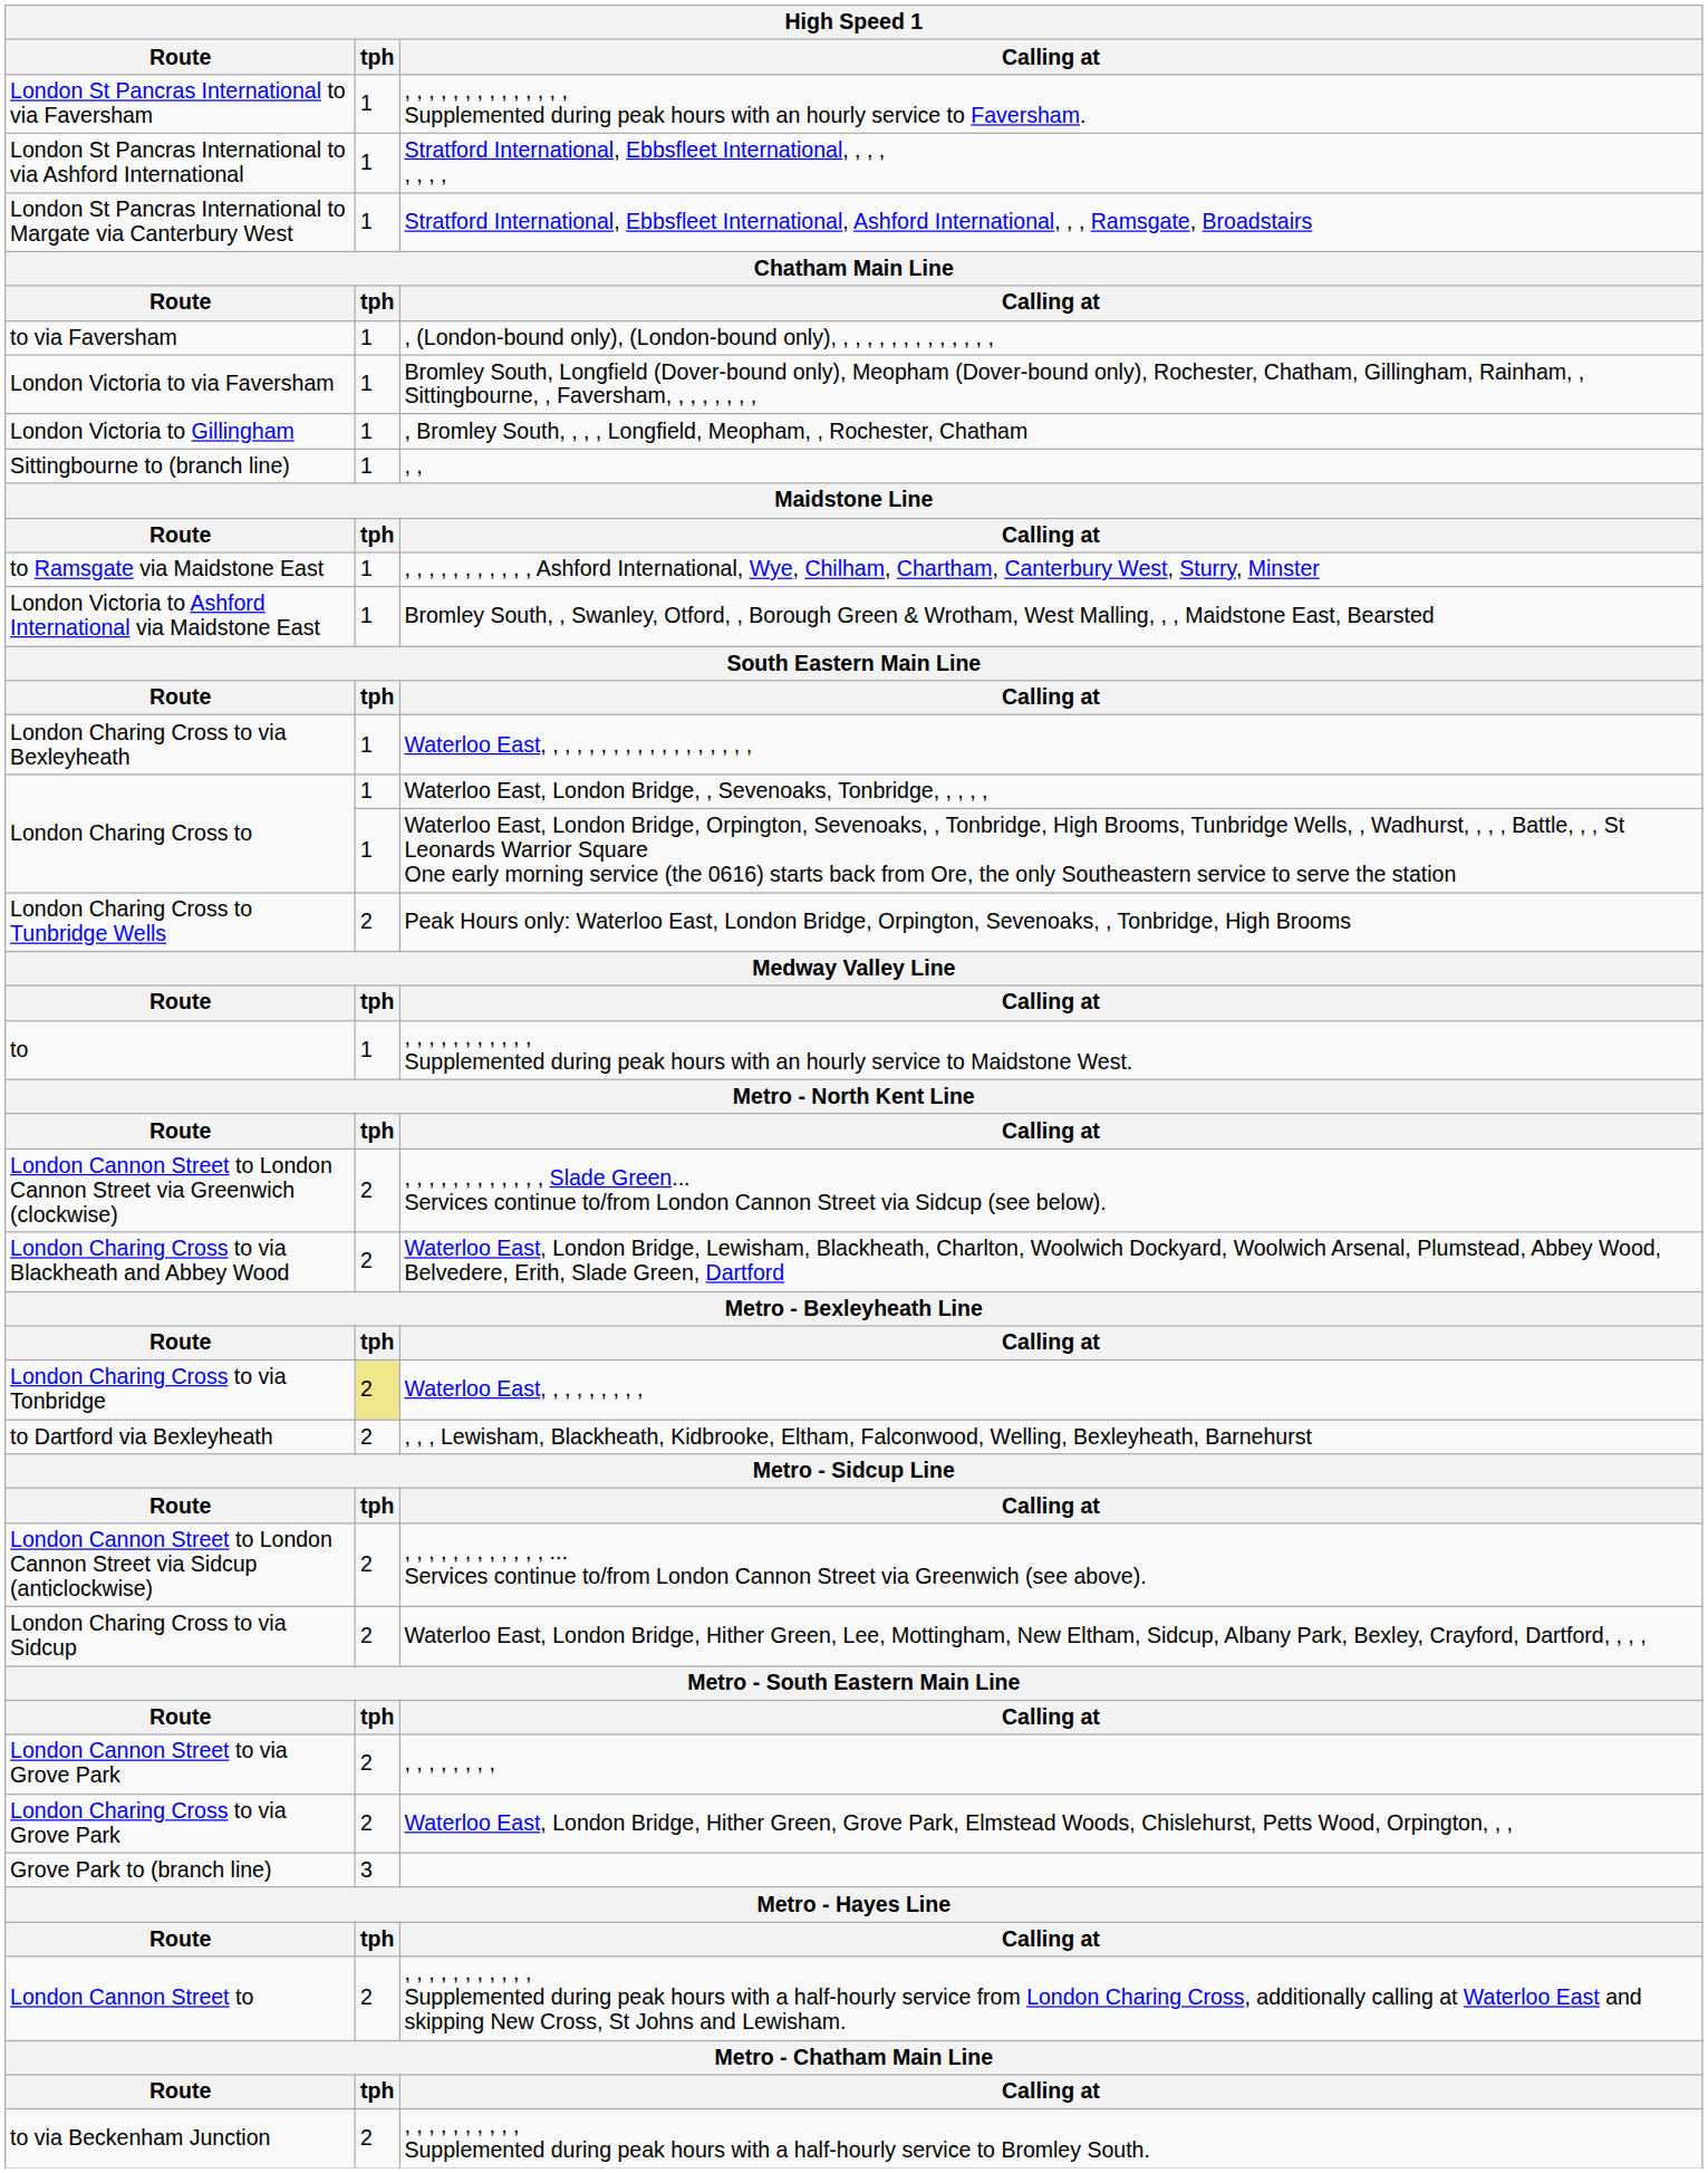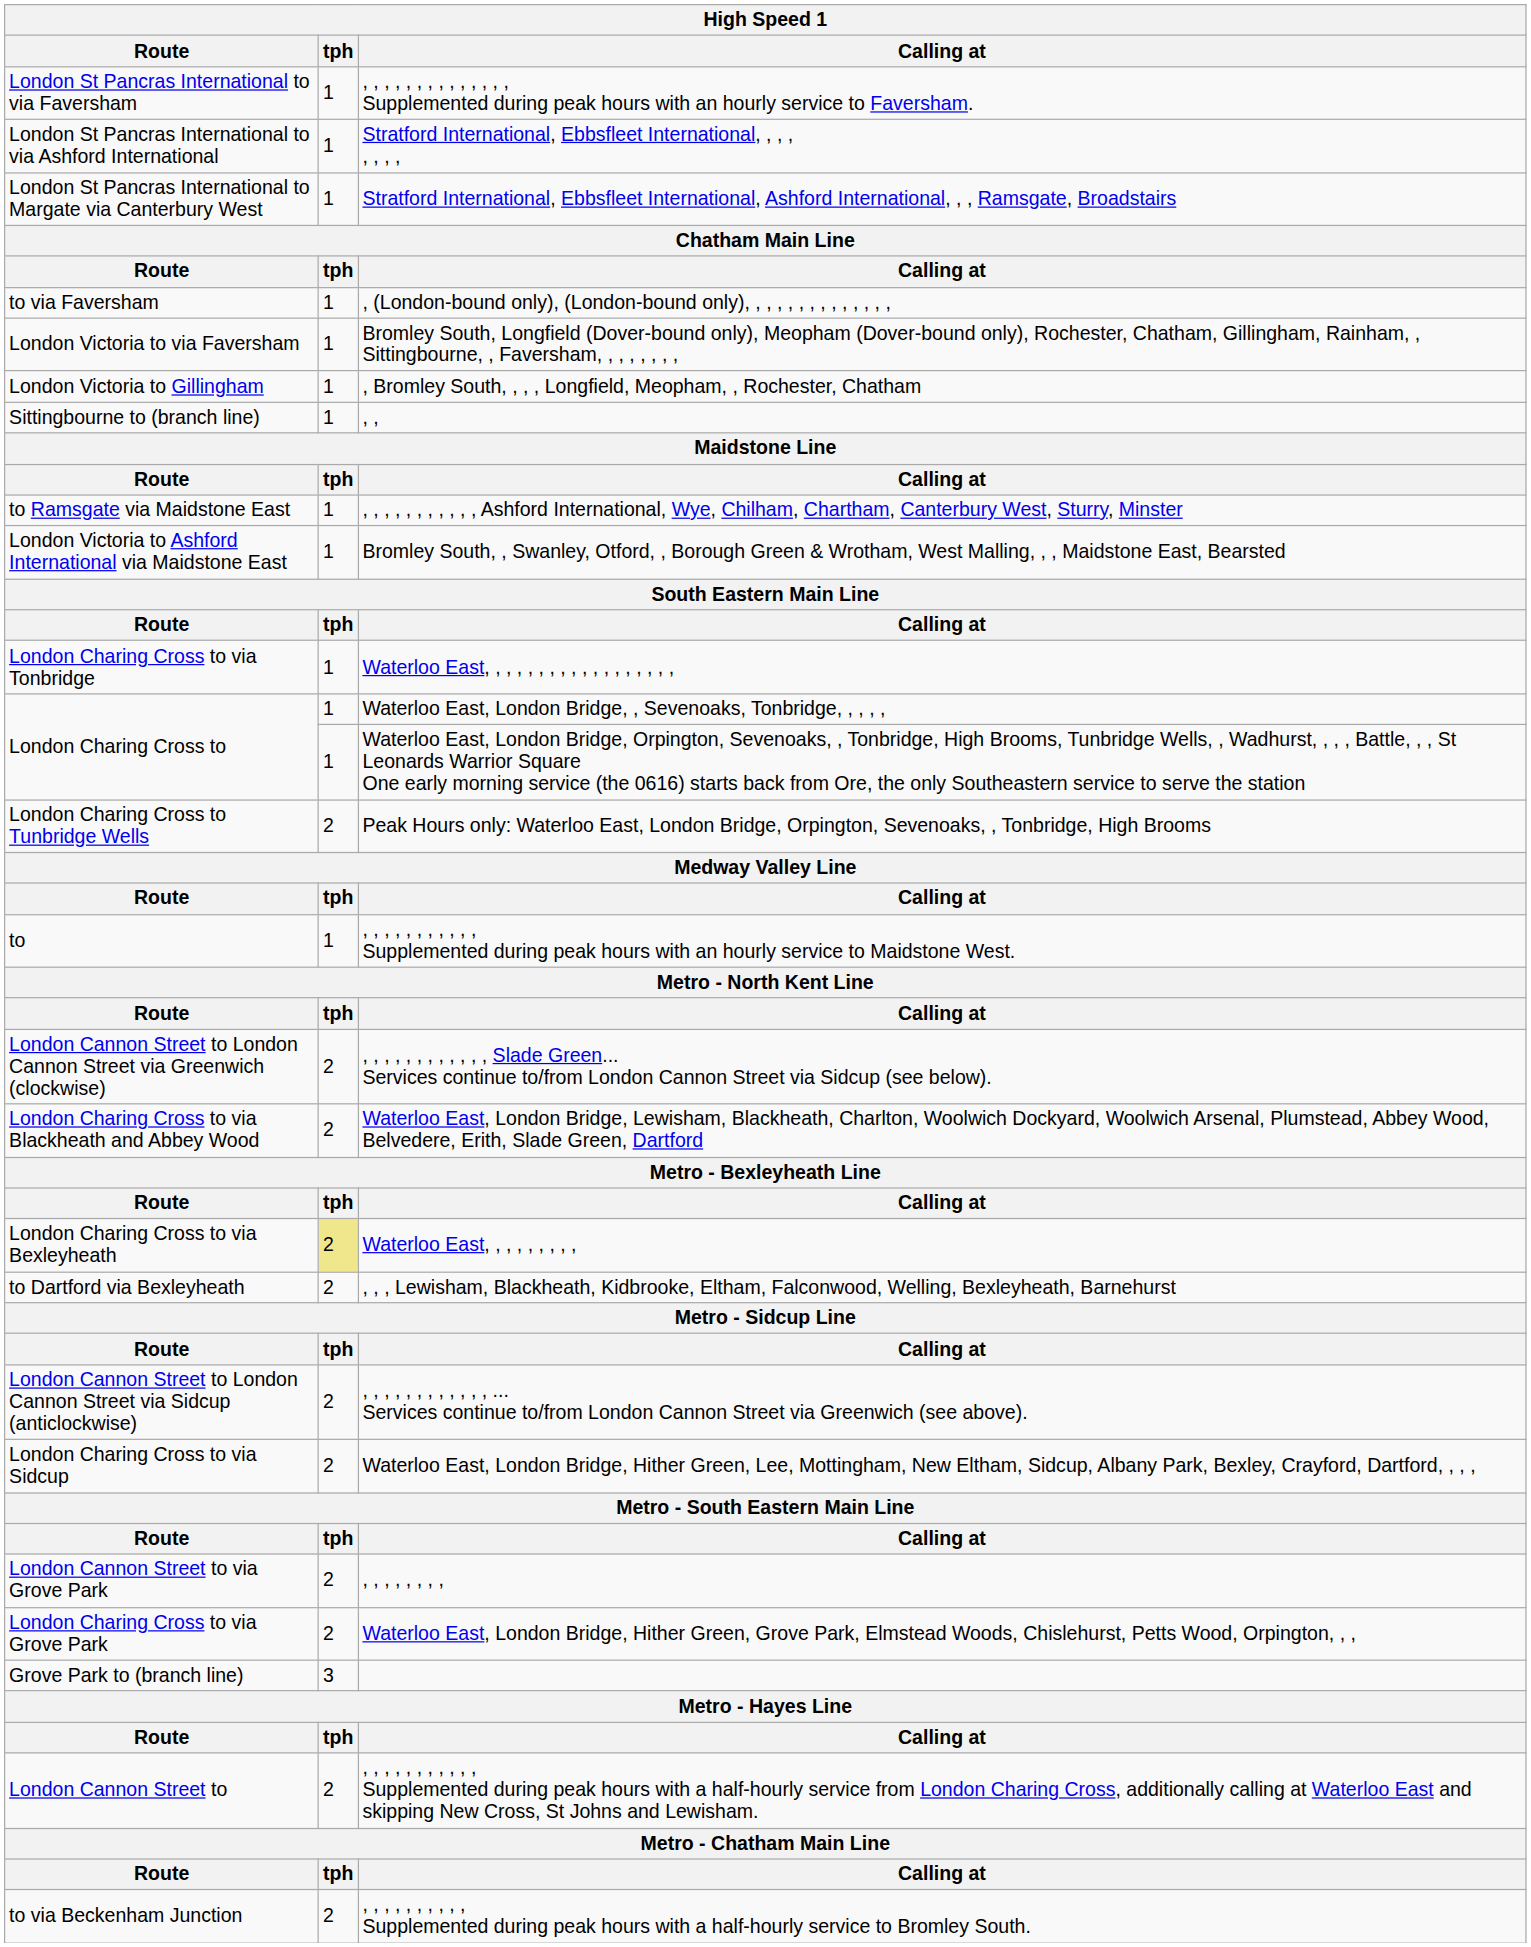 <table class="wikitable">
 <tr>
 <th colspan="3">High Speed 1</th>
 </tr>
 <tr>
 <th width="250px">Route</th>
 <th>tph</th>
 <th>Calling at</th>
 </tr>
 <tr>
 <td><a href='#'>London St Pancras International</a> to  via Faversham</td>
 <td>1</td>
 <td>, , , , , , , , , , , , , , <br>Supplemented during peak hours with an hourly service to <a href='#'>Faversham</a>.</td>
 </tr>
 <tr>
 <td>London St Pancras International to  via Ashford International</td>
 <td>1</td>
 <td><a href='#'>Stratford International</a>, <a href='#'>Ebbsfleet International</a>, , , ,<br>, , , , </td>
 </tr>
 <tr>
 <td>London St Pancras International to Margate via Canterbury West</td>
 <td>1</td>
 <td><a href='#'>Stratford International</a>, <a href='#'>Ebbsfleet International</a>, <a href='#'>Ashford International</a>, , , <a href='#'>Ramsgate</a>, <a href='#'>Broadstairs</a></td>
 </tr>
 <tr>
 <th colspan="3">Chatham Main Line</th>
 </tr>
 <tr>
 <th>Route</th>
 <th>tph</th>
 <th>Calling at</th>
 </tr>
 <tr>
 <td> to  via Faversham</td>
 <td>1</td>
 <td>,  (London-bound only),  (London-bound only), , , , , , , , , , , , , , </td>
 </tr>
 <tr>
 <td>London Victoria to  via Faversham</td>
 <td>1</td>
 <td>Bromley South, Longfield (Dover-bound only), Meopham (Dover-bound only), Rochester, Chatham, Gillingham, Rainham, , Sittingbourne, , Faversham, , , , , , , , </td>
 </tr>
 <tr>
 <td>London Victoria to <a href='#'>Gillingham</a></td>
 <td>1</td>
 <td>, Bromley South, , , , Longfield, Meopham, , Rochester, Chatham</td>
 </tr>
 <tr>
 <td>Sittingbourne to  (branch line)</td>
 <td>1</td>
 <td>, , </td>
 </tr>
 <tr>
 <th colspan="3">Maidstone Line</th>
 </tr>
 <tr>
 <th>Route</th>
 <th>tph</th>
 <th>Calling at</th>
 </tr>
 <tr>
 <td> to <a href='#'>Ramsgate</a> via Maidstone East</td>
 <td>1</td>
 <td>, , , , , , , , , , , Ashford International, <a href='#'>Wye</a>, <a href='#'>Chilham</a>, <a href='#'>Chartham</a>, <a href='#'>Canterbury West</a>, <a href='#'>Sturry</a>, <a href='#'>Minster</a></td>
 </tr>
 <tr>
 <td>London Victoria to <a href='#'>Ashford International</a> via Maidstone East</td>
 <td>1</td>
 <td>Bromley South, , Swanley, Otford, , Borough Green & Wrotham, West Malling, , , Maidstone East, Bearsted</td>
 </tr>
 <tr>
 <th colspan="3">South Eastern Main Line</th>
 </tr>
 <tr>
 <th>Route</th>
 <th>tph</th>
 <th>Calling at</th>
 </tr>
 <tr>
-<td>London Charing Cross to  via Bexleyheath</td>
+<td><a href='#'>London Charing Cross</a> to  via Tonbridge</td>
 <td>1</td>
 <td><a href='#'>Waterloo East</a>, , , , , , , , , , , , , , , , , , </td>
 </tr>
 <tr>
 <td rowspan="2">London Charing Cross to </td>
 <td>1</td>
 <td>Waterloo East, London Bridge, , Sevenoaks, Tonbridge, , , , , </td>
 </tr>
 <tr>
 <td>1</td>
 <td>Waterloo East, London Bridge, Orpington, Sevenoaks, , Tonbridge, High Brooms, Tunbridge Wells, , Wadhurst, , , , Battle, , , St Leonards Warrior Square<br>One early morning service (the 0616) starts back from Ore, the only Southeastern service to serve the station</td>
 </tr>
 <tr>
 <td>London Charing Cross to <a href='#'>Tunbridge Wells</a></td>
 <td>2</td>
 <td>Peak Hours only: Waterloo East, London Bridge, Orpington, Sevenoaks, , Tonbridge, High Brooms</td>
 </tr>
 <tr>
 <th colspan="3">Medway Valley Line</th>
 </tr>
 <tr>
 <th>Route</th>
 <th>tph</th>
 <th>Calling at</th>
 </tr>
 <tr>
 <td> to </td>
 <td>1</td>
 <td>, , , , , , , , , , , <br>Supplemented during peak hours with an hourly service to Maidstone West.</td>
 </tr>
 <tr>
 <th colspan="3">Metro - North Kent Line</th>
 </tr>
 <tr>
 <th>Route</th>
 <th>tph</th>
 <th>Calling at</th>
 </tr>
 <tr>
 <td><a href='#'>London Cannon Street</a> to London Cannon Street via Greenwich (clockwise)</td>
 <td>2</td>
 <td>, , , , , , , , , , , , <a href='#'>Slade Green</a>...<br>Services continue to/from London Cannon Street via Sidcup (see below).</td>
 </tr>
 <tr>
 <td><a href='#'>London Charing Cross</a> to  via Blackheath and Abbey Wood</td>
 <td>2</td>
 <td><a href='#'>Waterloo East</a>, London Bridge, Lewisham, Blackheath, Charlton, Woolwich Dockyard, Woolwich Arsenal, Plumstead, Abbey Wood, Belvedere, Erith, Slade Green, <a href='#'>Dartford</a></td>
 </tr>
 <tr>
 <th colspan="3">Metro - Bexleyheath Line</th>
 </tr>
 <tr>
 <th>Route</th>
 <th>tph</th>
 <th>Calling at</th>
 </tr>
 <tr>
-<td><a href='#'>London Charing Cross</a> to  via Tonbridge</td>
+<td>London Charing Cross to  via Bexleyheath</td>
 <td style="background: khaki;">2</td>
 <td><a href='#'>Waterloo East</a>, , , , , , , , , </td>
 </tr>
 <tr>
 <td> to Dartford via Bexleyheath</td>
 <td>2</td>
 <td>, , , Lewisham, Blackheath, Kidbrooke, Eltham, Falconwood, Welling, Bexleyheath, Barnehurst</td>
 </tr>
 <tr>
 <th colspan="3">Metro - Sidcup Line</th>
 </tr>
 <tr>
 <th>Route</th>
 <th>tph</th>
 <th>Calling at</th>
 </tr>
 <tr>
 <td><a href='#'>London Cannon Street</a> to London Cannon Street via Sidcup (anticlockwise)</td>
 <td>2</td>
 <td>, , , , , , , , , , , , ...<br>Services continue to/from London Cannon Street via Greenwich (see above).</td>
 </tr>
 <tr>
 <td>London Charing Cross to  via Sidcup</td>
 <td>2</td>
 <td>Waterloo East, London Bridge, Hither Green, Lee, Mottingham, New Eltham, Sidcup, Albany Park, Bexley, Crayford, Dartford, , , , </td>
 </tr>
 <tr>
 <th colspan="3">Metro - South Eastern Main Line</th>
 </tr>
 <tr>
 <th>Route</th>
 <th>tph</th>
 <th>Calling at</th>
 </tr>
 <tr>
 <td><a href='#'>London Cannon Street</a> to  via Grove Park</td>
 <td>2</td>
 <td>, , , , , , , , </td>
 </tr>
 <tr>
 <td><a href='#'>London Charing Cross</a> to  via Grove Park</td>
 <td>2</td>
 <td><a href='#'>Waterloo East</a>, London Bridge, Hither Green, Grove Park, Elmstead Woods, Chislehurst, Petts Wood, Orpington, , , </td>
 </tr>
 <tr>
 <td>Grove Park to  (branch line)</td>
 <td>3</td>
 <td></td>
 </tr>
 <tr>
 <th colspan="3">Metro - Hayes Line</th>
 </tr>
 <tr>
 <th>Route</th>
 <th>tph</th>
 <th>Calling at</th>
 </tr>
 <tr>
 <td><a href='#'>London Cannon Street</a> to </td>
 <td>2</td>
 <td>, , , , , , , , , , , <br>Supplemented during peak hours with a half-hourly service from <a href='#'>London Charing Cross</a>, additionally calling at <a href='#'>Waterloo East</a> and skipping New Cross, St Johns and Lewisham.</td>
 </tr>
 <tr>
 <th colspan="3">Metro - Chatham Main Line</th>
 </tr>
 <tr>
 <th>Route</th>
 <th>tph</th>
 <th>Calling at</th>
 </tr>
 <tr>
 <td> to  via Beckenham Junction</td>
 <td>2</td>
 <td>, , , , , , , , , , <br>Supplemented during peak hours with a half-hourly service to Bromley South.</td>
 </tr>
 </table>
